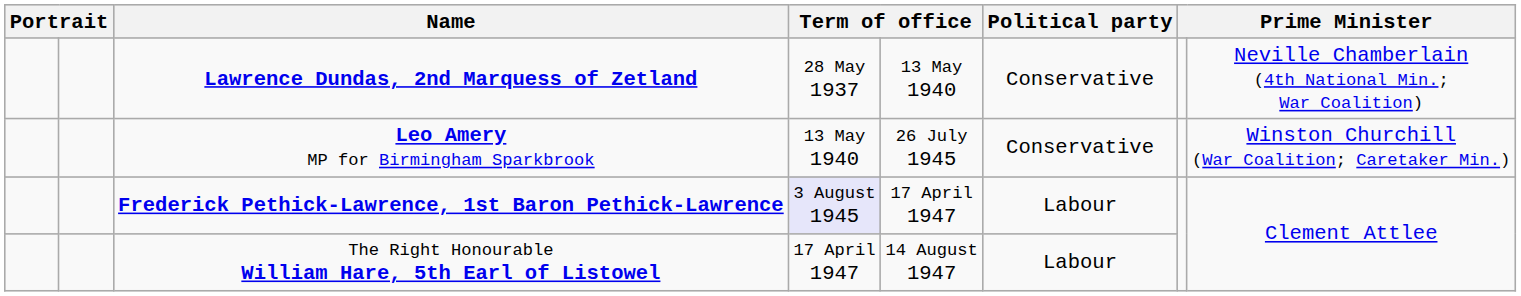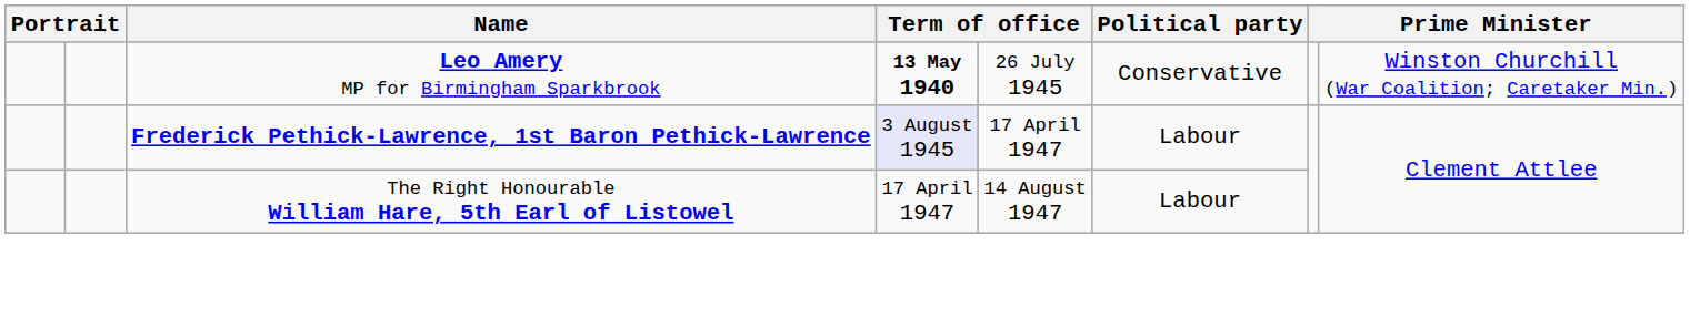 <table class="wikitable" style="text-align:center">
 <tr>
 <th colspan=2>Portrait</th>
 <th>Name</th>
 <th colspan=2>Term of office</th>
 <th>Political party</th>
 <th colspan=2>Prime Minister</th>
 </tr>
 <tr>
 <td style="background-color: "></td>
 <td></td>
-<td><strong><a href='#'>Lawrence Dundas, 2nd Marquess of Zetland</a></strong></td>
-<td><small>28 May</small><br>1937</td>
-<td><small>13 May</small><br>1940</td>
-<td>Conservative</td>
-<td style="background-color: "></td>
-<td><a href='#'>Neville Chamberlain</a><br><small>(<a href='#'>4th National Min.</a>;<br><a href='#'>War Coalition</a>)</small></td>
-</tr>
-<tr>
-<td style="background-color: "></td>
-<td></td>
 <td><strong><a href='#'>Leo Amery</a></strong><br><small>MP for <a href='#'>Birmingham Sparkbrook</a></small></td>
-<td><small>13 May</small><br>1940</td>
+<td><strong><small>13 May</small><br>1940</strong></td>
 <td><small>26 July</small><br>1945</td>
 <td>Conservative</td>
 <td style="background-color: "></td>
 <td><a href='#'>Winston Churchill</a><br><small>(<a href='#'>War Coalition</a>; <a href='#'>Caretaker Min.</a>)</small></td>
 </tr>
 <tr>
 <td style="background-color: "></td>
 <td></td>
 <td><strong><a href='#'>Frederick Pethick-Lawrence, 1st Baron Pethick-Lawrence</a></strong></td>
 <td style="background: lavender;"><small>3 August</small><br>1945</td>
 <td><small>17 April</small><br>1947</td>
 <td>Labour</td>
 <td rowspan=2 style="background-color: "></td>
 <td rowspan=2><a href='#'>Clement Attlee</a></td>
 </tr>
 <tr>
 <td style="background-color: "></td>
 <td></td>
 <td><small>The Right Honourable</small><br><strong><a href='#'>William Hare, 5th Earl of Listowel</a></strong><br></td>
 <td><small>17 April</small><br>1947</td>
 <td><small>14 August</small><br>1947</td>
 <td>Labour</td>
 </tr>
 </table>
